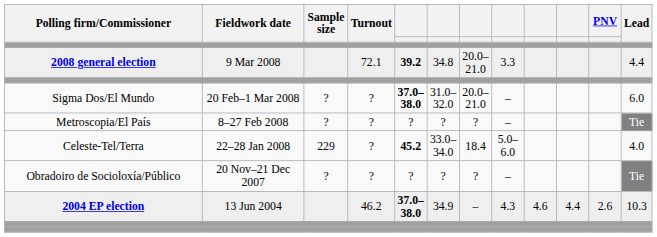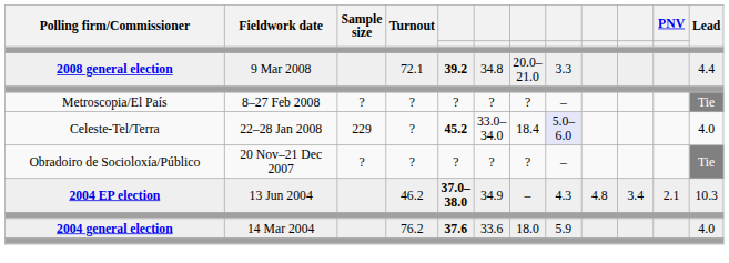 <table class="wikitable collapsible collapsed" style="text-align:center; font-size:95%; line-height:16px;">
 <tr style="height:42px;">
 <th style="width:250px;" rowspan="2">Polling firm/Commissioner</th>
 <th style="width:125px;" rowspan="2">Fieldwork date</th>
 <th style="width:50px;" rowspan="2">Sample size</th>
 <th style="width:45px;" rowspan="2">Turnout</th>
 <th style="width:35px;"></th>
 <th style="width:35px;"></th>
 <th style="width:35px;"></th>
 <th style="width:35px;"></th>
 <th style="width:35px;"></th>
 <th style="width:35px;"></th>
 <th style="width:35px;"><a href='#'>PNV</a></th>
 <th style="width:30px;" rowspan="2">Lead</th>
 </tr>
 <tr>
 <th style="color:inherit;background:"></th>
 <th style="color:inherit;background:"></th>
 <th style="color:inherit;background:"></th>
 <th style="color:inherit;background:"></th>
 <th style="color:inherit;background:"></th>
 <th style="color:inherit;background:"></th>
 <th style="color:inherit;background:"></th>
 </tr>
 <tr>
 <td colspan="12" style="background:#A0A0A0"></td>
 </tr>
 <tr style="background:#EFEFEF;">
 <td><strong><a href='#'>2008 general election</a></strong></td>
 <td>9 Mar 2008</td>
 <td></td>
 <td>72.1</td>
 <td><strong>39.2</strong><br></td>
 <td>34.8<br></td>
 <td>20.0–<br>21.0<br></td>
 <td>3.3<br></td>
 <td></td>
 <td></td>
 <td></td>
 <td style="background:">4.4</td>
 </tr>
 <tr>
 <td colspan="12" style="background:#A0A0A0"></td>
 </tr>
 <tr>
-<td>Sigma Dos/El Mundo</td>
-<td>20 Feb–1 Mar 2008</td>
-<td>?</td>
-<td>?</td>
-<td><strong>37.0–<br>38.0</strong><br></td>
-<td>31.0–<br>32.0<br></td>
-<td>20.0–<br>21.0<br></td>
-<td>–</td>
-<td></td>
-<td></td>
-<td></td>
-<td style="background:">6.0</td>
-</tr>
-<tr>
 <td>Metroscopia/El País</td>
 <td>8–27 Feb 2008</td>
 <td>?</td>
 <td>?</td>
 <td>?<br></td>
 <td>?<br></td>
 <td>?<br></td>
 <td>–</td>
 <td></td>
 <td></td>
 <td></td>
 <td style="background:gray;color:white;">Tie</td>
 </tr>
 <tr>
 <td>Celeste-Tel/Terra</td>
 <td>22–28 Jan 2008</td>
 <td>229</td>
 <td>?</td>
 <td><strong>45.2</strong><br></td>
 <td>33.0–<br>34.0<br></td>
 <td>18.4<br></td>
-<td>5.0–<br>6.0<br></td>
+<td style="background: lavender;">5.0–<br>6.0<br></td>
 <td></td>
 <td></td>
 <td></td>
 <td style="background:">4.0</td>
 </tr>
 <tr>
 <td>Obradoiro de Socioloxía/Público</td>
 <td>20 Nov–21 Dec 2007</td>
 <td>?</td>
 <td>?</td>
 <td>?<br></td>
 <td>?<br></td>
 <td>?<br></td>
 <td>–</td>
 <td></td>
 <td></td>
 <td></td>
 <td style="background:gray;color:white;">Tie</td>
 </tr>
 <tr style="background:#EFEFEF;">
 <td><strong><a href='#'>2004 EP election</a></strong></td>
 <td>13 Jun 2004</td>
 <td></td>
 <td>46.2</td>
 <td><strong>37.0–<br>38.0</strong><br></td>
 <td>34.9<br></td>
 <td>–</td>
 <td>4.3<br></td>
-<td>4.6<br></td>
-<td>4.4<br></td>
-<td>2.6<br></td>
+<td>4.8<br></td>
+<td>3.4<br></td>
+<td>2.1<br></td>
 <td style="background:">10.3</td>
 </tr>
 <tr>
 <td colspan="12" style="background:#A0A0A0"></td>
 </tr>
+<tr style="background:#EFEFEF;">
+<td><strong><a href='#'>2004 general election</a></strong></td>
+<td>14 Mar 2004</td>
+<td></td>
+<td>76.2</td>
+<td><strong>37.6</strong><br></td>
+<td>33.6<br></td>
+<td>18.0<br></td>
+<td>5.9<br></td>
+<td></td>
+<td></td>
+<td></td>
+<td style="background:">4.0</td>
+</tr>
 <tr>
 <td colspan="12" style="background:#A0A0A0"></td>
 </tr>
 </table>
